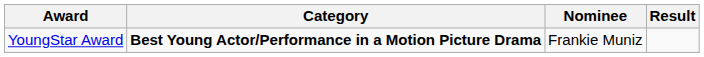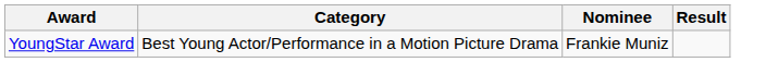 <table class="wikitable sortable">
 <tr>
 <th>Award</th>
 <th>Category</th>
 <th>Nominee</th>
 <th>Result</th>
 </tr>
 <tr>
 <td rowspan="2"><a href='#'>YoungStar Award</a></td>
-<td><strong>Best Young Actor/Performance in a Motion Picture Drama</strong></td>
+<td>Best Young Actor/Performance in a Motion Picture Drama</td>
 <td>Frankie Muniz</td>
 <td></td>
 </tr>
 </table>
